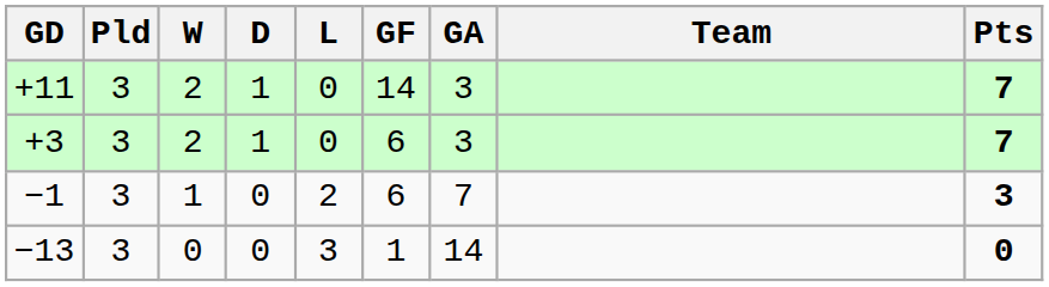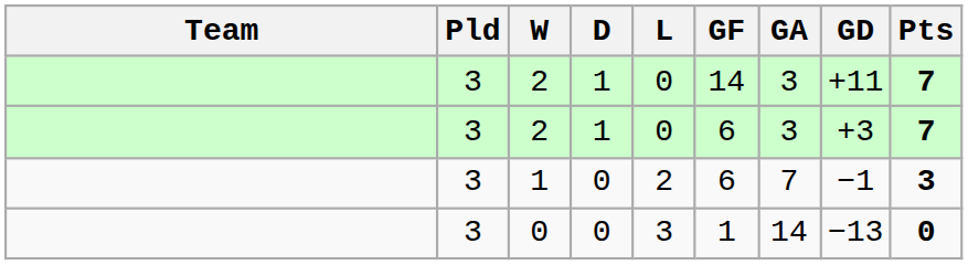 <table class="wikitable" style="text-align: center;">
 <tr>
-<th width=20>GD</th>
+<th width=175>Team</th>
 <th width=20>Pld</th>
 <th width=20>W</th>
 <th width=20>D</th>
 <th width=20>L</th>
 <th width=20>GF</th>
 <th width=20>GA</th>
-<th width=175>Team</th>
+<th width=20>GD</th>
 <th width=20>Pts</th>
 </tr>
 <tr bgcolor=#ccffcc>
-<td>+11</td>
+<td style="text-align:left;"></td>
 <td>3</td>
 <td>2</td>
 <td>1</td>
 <td>0</td>
 <td>14</td>
 <td>3</td>
-<td style="text-align:left;"></td>
+<td>+11</td>
 <td><strong>7</strong></td>
 </tr>
 <tr bgcolor=#ccffcc>
-<td>+3</td>
+<td style="text-align:left;"></td>
 <td>3</td>
 <td>2</td>
 <td>1</td>
 <td>0</td>
 <td>6</td>
 <td>3</td>
-<td style="text-align:left;"></td>
+<td>+3</td>
 <td><strong>7</strong></td>
 </tr>
 <tr>
-<td>−1</td>
+<td style="text-align:left;"></td>
 <td>3</td>
 <td>1</td>
 <td>0</td>
 <td>2</td>
 <td>6</td>
 <td>7</td>
-<td style="text-align:left;"></td>
+<td>−1</td>
 <td><strong>3</strong></td>
 </tr>
 <tr>
-<td>−13</td>
+<td style="text-align:left;"></td>
 <td>3</td>
 <td>0</td>
 <td>0</td>
 <td>3</td>
 <td>1</td>
 <td>14</td>
-<td style="text-align:left;"></td>
+<td>−13</td>
 <td><strong>0</strong></td>
 </tr>
 </table>
